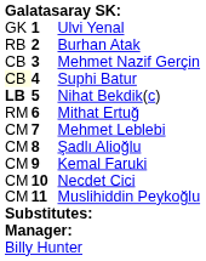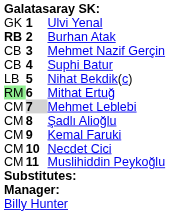 <table style="font-size: 90%" cellspacing="0" cellpadding="0">
 <tr>
 <td colspan="4"><strong>Galatasaray SK:</strong></td>
 </tr>
 <tr>
 <th width="25"></th>
 <th width="25"></th>
 </tr>
 <tr>
 <td>GK</td>
 <td><strong>1</strong></td>
 <td> <a href='#'>Ulvi Yenal</a></td>
 </tr>
 <tr>
-<td>RB</td>
+<td><strong>RB</strong></td>
 <td><strong>2</strong></td>
 <td> <a href='#'>Burhan Atak</a></td>
 </tr>
 <tr>
 <td>CB</td>
 <td><strong>3</strong></td>
 <td> <a href='#'>Mehmet Nazif Gerçin</a></td>
 </tr>
 <tr>
-<td style="background: lightyellow;">CB</td>
+<td>CB</td>
 <td><strong>4</strong></td>
 <td> <a href='#'>Suphi Batur</a></td>
 </tr>
 <tr>
-<td><strong>LB</strong></td>
+<td>LB</td>
 <td><strong>5</strong></td>
 <td> <a href='#'>Nihat Bekdik</a>(<a href='#'>c</a>)</td>
 </tr>
 <tr>
-<td>RM</td>
+<td style="background: lightgreen;">RM</td>
 <td><strong>6</strong></td>
 <td> <a href='#'>Mithat Ertuğ</a></td>
 </tr>
 <tr>
 <td>CM</td>
-<td><strong>7</strong></td>
+<td style="background: lightgrey;"><strong>7</strong></td>
 <td> <a href='#'>Mehmet Leblebi</a></td>
 </tr>
 <tr>
 <td>CM</td>
 <td><strong>8</strong></td>
 <td> <a href='#'>Şadlı Alioğlu</a></td>
 </tr>
 <tr>
 <td>CM</td>
 <td><strong>9</strong></td>
 <td> <a href='#'>Kemal Faruki</a></td>
 </tr>
 <tr>
 <td>CM</td>
 <td><strong>10</strong></td>
 <td> <a href='#'>Necdet Cici</a></td>
 </tr>
 <tr>
 <td>CM</td>
 <td><strong>11</strong></td>
 <td> <a href='#'>Muslihiddin Peykoğlu</a></td>
 </tr>
 <tr>
 <td colspan=4><strong>Substitutes:</strong></td>
 </tr>
 <tr>
 <td colspan=4><strong>Manager:</strong></td>
 </tr>
 <tr>
 <td colspan="4"> <a href='#'>Billy Hunter</a></td>
 </tr>
 </table>
